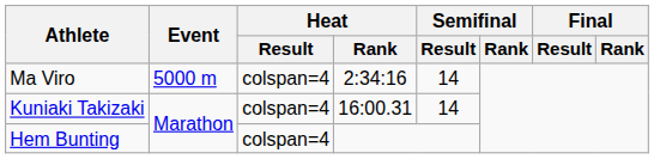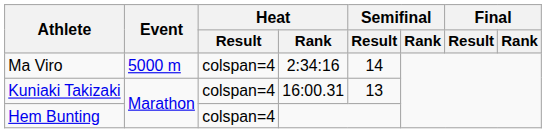 <table class="wikitable" style="font-size:90%">
 <tr>
 <th rowspan="2">Athlete</th>
 <th rowspan="2">Event</th>
 <th colspan="2">Heat</th>
 <th colspan="2">Semifinal</th>
 <th colspan="2">Final</th>
 </tr>
 <tr style="font-size:95%">
 <th>Result</th>
 <th>Rank</th>
 <th>Result</th>
 <th>Rank</th>
 <th>Result</th>
 <th>Rank</th>
 </tr>
 <tr align="center">
 <td align=left>Ma Viro</td>
 <td align=left><a href='#'>5000 m</a></td>
 <td>colspan=4 </td>
 <td>2:34:16</td>
 <td>14</td>
 </tr>
 <tr align=center>
 <td align=left><a href='#'>Kuniaki Takizaki</a></td>
 <td align=left rowspan=2><a href='#'>Marathon</a></td>
 <td>colspan=4 </td>
 <td>16:00.31</td>
-<td>14</td>
+<td>13</td>
 </tr>
 <tr align=center>
 <td align=left><a href='#'>Hem Bunting</a></td>
 <td>colspan=4 </td>
 <td colspan=2></td>
 </tr>
 </table>
